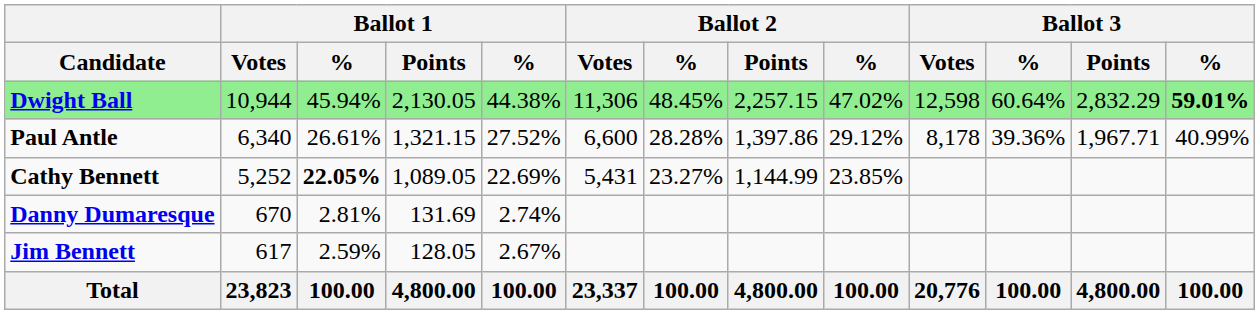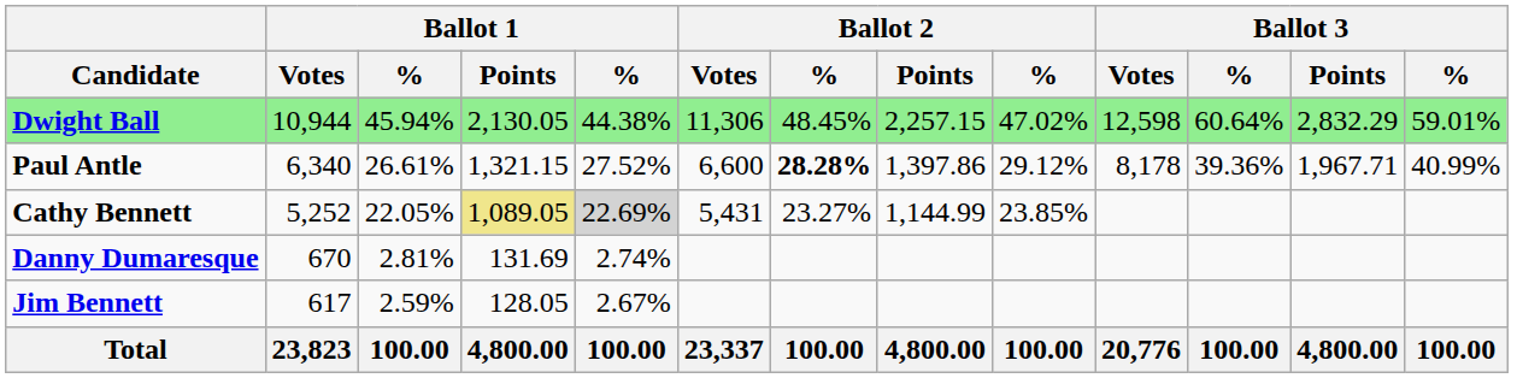 <table class="wikitable">
 <tr>
 <th></th>
 <th colspan = "4">Ballot 1</th>
 <th colspan = "4">Ballot 2</th>
 <th colspan = "4">Ballot 3</th>
 </tr>
 <tr>
 <th>Candidate</th>
 <th>Votes</th>
 <th>%</th>
 <th>Points</th>
 <th>%</th>
 <th>Votes</th>
 <th>%</th>
 <th>Points</th>
 <th>%</th>
 <th>Votes</th>
 <th>%</th>
 <th>Points</th>
 <th>%</th>
 </tr>
 <tr style="text-align:right;background:lightgreen;">
 <td align=left><strong><a href='#'>Dwight Ball</a></strong></td>
 <td>10,944</td>
 <td>45.94%</td>
 <td>2,130.05</td>
 <td>44.38%</td>
 <td>11,306</td>
 <td>48.45%</td>
 <td>2,257.15</td>
 <td>47.02%</td>
 <td>12,598</td>
 <td>60.64%</td>
 <td>2,832.29</td>
-<td><strong>59.01%</strong></td>
+<td>59.01%</td>
 </tr>
 <tr style="text-align:right;">
 <td align=left><strong>Paul Antle</strong></td>
 <td>6,340</td>
 <td>26.61%</td>
 <td>1,321.15</td>
 <td>27.52%</td>
 <td>6,600</td>
-<td>28.28%</td>
+<td><strong>28.28%</strong></td>
 <td>1,397.86</td>
 <td>29.12%</td>
 <td>8,178</td>
 <td>39.36%</td>
 <td>1,967.71</td>
 <td>40.99%</td>
 </tr>
 <tr style="text-align:right;">
 <td align=left><strong>Cathy Bennett</strong></td>
 <td>5,252</td>
-<td><strong>22.05%</strong></td>
-<td>1,089.05</td>
-<td>22.69%</td>
+<td>22.05%</td>
+<td style="background: khaki;">1,089.05</td>
+<td style="background: lightgrey;">22.69%</td>
 <td>5,431</td>
 <td>23.27%</td>
 <td>1,144.99</td>
 <td>23.85%</td>
 <td></td>
 <td></td>
 <td></td>
 <td></td>
 </tr>
 <tr style="text-align:right;">
 <td align=left><strong><a href='#'>Danny Dumaresque</a></strong></td>
 <td>670</td>
 <td>2.81%</td>
 <td>131.69</td>
 <td>2.74%</td>
 <td></td>
 <td></td>
 <td></td>
 <td></td>
 <td></td>
 <td></td>
 <td></td>
 <td></td>
 </tr>
 <tr style="text-align:right;">
 <td align=left><strong><a href='#'>Jim Bennett</a></strong></td>
 <td>617</td>
 <td>2.59%</td>
 <td>128.05</td>
 <td>2.67%</td>
 <td></td>
 <td></td>
 <td></td>
 <td></td>
 <td></td>
 <td></td>
 <td></td>
 <td></td>
 </tr>
 <tr style="text-align:right;">
 <th>Total</th>
 <th>23,823</th>
 <th>100.00</th>
 <th>4,800.00</th>
 <th>100.00</th>
 <th>23,337</th>
 <th>100.00</th>
 <th>4,800.00</th>
 <th>100.00</th>
 <th>20,776</th>
 <th>100.00</th>
 <th>4,800.00</th>
 <th>100.00</th>
 </tr>
 </table>
